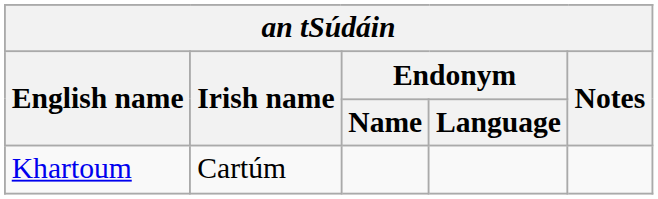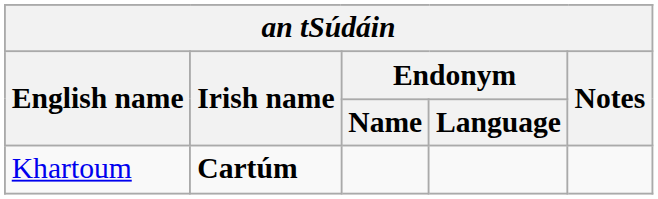 <table class="wikitable sortable">
 <tr>
 <th colspan="5"> <em>an tSúdáin</em></th>
 </tr>
 <tr>
 <th rowspan="2">English name</th>
 <th rowspan="2">Irish name</th>
 <th colspan="2">Endonym</th>
 <th rowspan="2">Notes</th>
 </tr>
 <tr>
 <th>Name</th>
 <th>Language</th>
 </tr>
 <tr>
 <td><a href='#'>Khartoum</a></td>
-<td>Cartúm</td>
+<td><strong>Cartúm</strong></td>
 <td></td>
 <td></td>
 <td></td>
 </tr>
 </table>
